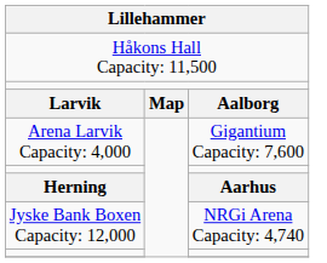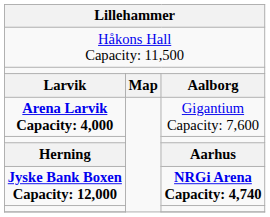 <table class="wikitable" style="text-align:center;">
 <tr>
 <th colspan=3>Lillehammer</th>
 </tr>
 <tr>
 <td colspan=3><a href='#'>Håkons Hall</a><br>Capacity: 11,500</td>
 </tr>
 <tr>
 <td colspan=3></td>
 </tr>
 <tr>
 <th>Larvik</th>
 <th>Map</th>
 <th>Aalborg</th>
 </tr>
 <tr>
-<td><a href='#'>Arena Larvik</a><br>Capacity: 4,000</td>
+<td><strong><a href='#'>Arena Larvik</a><br>Capacity: 4,000</strong></td>
 <td rowspan=6></td>
 <td><a href='#'>Gigantium</a><br>Capacity: 7,600</td>
 </tr>
 <tr>
 <td></td>
 <td></td>
 </tr>
 <tr>
 <th>Herning</th>
 <th>Aarhus</th>
 </tr>
 <tr>
-<td><a href='#'>Jyske Bank Boxen</a><br>Capacity: 12,000</td>
-<td><a href='#'>NRGi Arena</a><br>Capacity: 4,740</td>
+<td><strong><a href='#'>Jyske Bank Boxen</a><br>Capacity: 12,000</strong></td>
+<td><strong><a href='#'>NRGi Arena</a><br>Capacity: 4,740</strong></td>
 </tr>
 <tr>
 <td></td>
 <td></td>
 </tr>
 <tr>
 </tr>
 </table>
